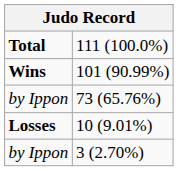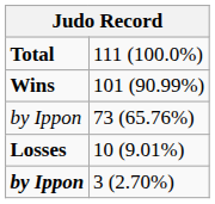 <table class="wikitable">
 <tr>
 <th colspan="2">Judo Record</th>
 </tr>
 <tr>
 <td><strong>Total</strong></td>
 <td>111 (100.0%)</td>
 </tr>
 <tr>
 <td><strong>Wins</strong></td>
 <td>101 (90.99%)</td>
 </tr>
 <tr>
 <td><em>by Ippon</em></td>
 <td>73 (65.76%)</td>
 </tr>
 <tr>
 <td><strong>Losses</strong></td>
 <td>10 (9.01%)</td>
 </tr>
 <tr>
-<td><em>by Ippon</em></td>
+<td><strong><em>by Ippon</em></strong></td>
 <td>3 (2.70%)</td>
 </tr>
 </table>
